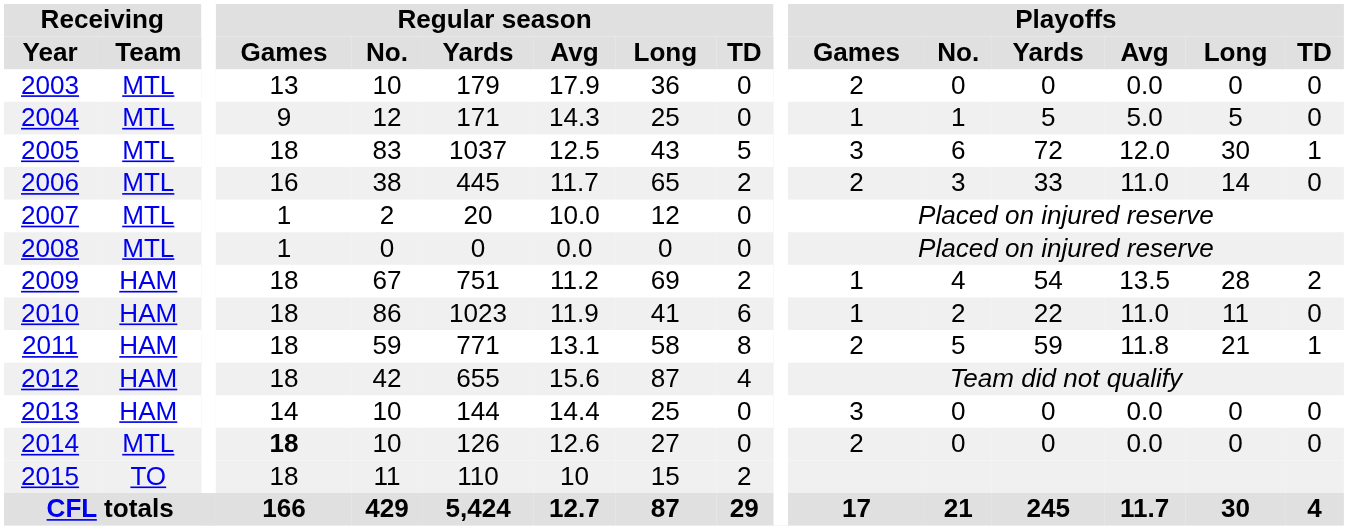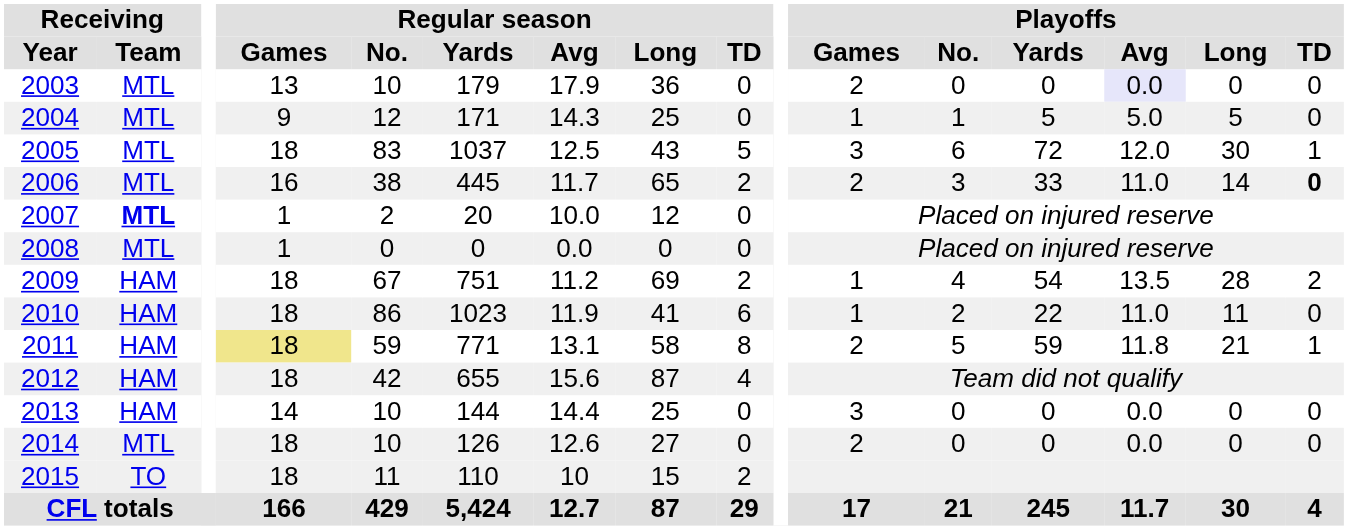 <table BORDER="0" CELLPADDING="1" CELLSPACING="0" width="65%" style="text-align:center">
 <tr bgcolor="#e0e0e0">
 <th colspan="2">Receiving</th>
 <th rowspan="99" bgcolor="#ffffff"> </th>
 <th colspan="6">Regular season</th>
 <th rowspan="99" bgcolor="#ffffff"> </th>
 <th colspan="6">Playoffs</th>
 </tr>
 <tr bgcolor="#e0e0e0">
 <th>Year</th>
 <th>Team</th>
 <th>Games</th>
 <th>No.</th>
 <th>Yards</th>
 <th>Avg</th>
 <th>Long</th>
 <th>TD</th>
 <th>Games</th>
 <th>No.</th>
 <th>Yards</th>
 <th>Avg</th>
 <th>Long</th>
 <th>TD</th>
 </tr>
 <tr ALIGN="center">
 <td><a href='#'>2003</a></td>
 <td><a href='#'>MTL</a></td>
 <td>13</td>
 <td>10</td>
 <td>179</td>
 <td>17.9</td>
 <td>36</td>
 <td>0</td>
 <td>2</td>
 <td>0</td>
 <td>0</td>
-<td>0.0</td>
+<td style="background: lavender;">0.0</td>
 <td>0</td>
 <td>0</td>
 </tr>
 <tr ALIGN="center" bgcolor="#f0f0f0">
 <td><a href='#'>2004</a></td>
 <td><a href='#'>MTL</a></td>
 <td>9</td>
 <td>12</td>
 <td>171</td>
 <td>14.3</td>
 <td>25</td>
 <td>0</td>
 <td>1</td>
 <td>1</td>
 <td>5</td>
 <td>5.0</td>
 <td>5</td>
 <td>0</td>
 </tr>
 <tr ALIGN="center">
 <td><a href='#'>2005</a></td>
 <td><a href='#'>MTL</a></td>
 <td>18</td>
 <td>83</td>
 <td>1037</td>
 <td>12.5</td>
 <td>43</td>
 <td>5</td>
 <td>3</td>
 <td>6</td>
 <td>72</td>
 <td>12.0</td>
 <td>30</td>
 <td>1</td>
 </tr>
 <tr ALIGN="center" bgcolor="#f0f0f0">
 <td><a href='#'>2006</a></td>
 <td><a href='#'>MTL</a></td>
 <td>16</td>
 <td>38</td>
 <td>445</td>
 <td>11.7</td>
 <td>65</td>
 <td>2</td>
 <td>2</td>
 <td>3</td>
 <td>33</td>
 <td>11.0</td>
 <td>14</td>
-<td>0</td>
+<td><strong>0</strong></td>
 </tr>
 <tr ALIGN="center">
 <td><a href='#'>2007</a></td>
-<td><a href='#'>MTL</a></td>
+<td><strong><a href='#'>MTL</a></strong></td>
 <td>1</td>
 <td>2</td>
 <td>20</td>
 <td>10.0</td>
 <td>12</td>
 <td>0</td>
 <td colspan="6"><em>Placed on injured reserve</em></td>
 </tr>
 <tr ALIGN="center" bgcolor="#f0f0f0">
 <td><a href='#'>2008</a></td>
 <td><a href='#'>MTL</a></td>
 <td>1</td>
 <td>0</td>
 <td>0</td>
 <td>0.0</td>
 <td>0</td>
 <td>0</td>
 <td colspan="6"><em>Placed on injured reserve</em></td>
 </tr>
 <tr ALIGN="center">
 <td><a href='#'>2009</a></td>
 <td><a href='#'>HAM</a></td>
 <td>18</td>
 <td>67</td>
 <td>751</td>
 <td>11.2</td>
 <td>69</td>
 <td>2</td>
 <td>1</td>
 <td>4</td>
 <td>54</td>
 <td>13.5</td>
 <td>28</td>
 <td>2</td>
 </tr>
 <tr ALIGN="center" bgcolor="#f0f0f0">
 <td><a href='#'>2010</a></td>
 <td><a href='#'>HAM</a></td>
 <td>18</td>
 <td>86</td>
 <td>1023</td>
 <td>11.9</td>
 <td>41</td>
 <td>6</td>
 <td>1</td>
 <td>2</td>
 <td>22</td>
 <td>11.0</td>
 <td>11</td>
 <td>0</td>
 </tr>
 <tr ALIGN="center">
 <td><a href='#'>2011</a></td>
 <td><a href='#'>HAM</a></td>
-<td>18</td>
+<td style="background: khaki;">18</td>
 <td>59</td>
 <td>771</td>
 <td>13.1</td>
 <td>58</td>
 <td>8</td>
 <td>2</td>
 <td>5</td>
 <td>59</td>
 <td>11.8</td>
 <td>21</td>
 <td>1</td>
 </tr>
 <tr ALIGN="center" bgcolor="#f0f0f0">
 <td><a href='#'>2012</a></td>
 <td><a href='#'>HAM</a></td>
 <td>18</td>
 <td>42</td>
 <td>655</td>
 <td>15.6</td>
 <td>87</td>
 <td>4</td>
 <td colspan="6"><em>Team did not qualify</em></td>
 </tr>
 <tr ALIGN="center">
 <td><a href='#'>2013</a></td>
 <td><a href='#'>HAM</a></td>
 <td>14</td>
 <td>10</td>
 <td>144</td>
 <td>14.4</td>
 <td>25</td>
 <td>0</td>
 <td>3</td>
 <td>0</td>
 <td>0</td>
 <td>0.0</td>
 <td>0</td>
 <td>0</td>
 </tr>
 <tr ALIGN="center" bgcolor="#f0f0f0">
 <td><a href='#'>2014</a></td>
 <td><a href='#'>MTL</a></td>
-<td><strong>18</strong></td>
+<td>18</td>
 <td>10</td>
 <td>126</td>
 <td>12.6</td>
 <td>27</td>
 <td>0</td>
 <td>2</td>
 <td>0</td>
 <td>0</td>
 <td>0.0</td>
 <td>0</td>
 <td>0</td>
 </tr>
 <tr ALIGN="center" bgcolor="#f0f0f0">
 <td><a href='#'>2015</a></td>
 <td><a href='#'>TO</a></td>
 <td>18</td>
 <td>11</td>
 <td>110</td>
 <td>10</td>
 <td>15</td>
 <td>2</td>
 <td></td>
 <td></td>
 <td></td>
 <td></td>
 <td></td>
 <td></td>
 </tr>
 <tr bgcolor="#e0e0e0">
 <th colspan="3"><a href='#'>CFL</a> totals</th>
 <th>166</th>
 <th>429</th>
 <th>5,424</th>
 <th>12.7</th>
 <th>87</th>
 <th>29</th>
 <th>17</th>
 <th>21</th>
 <th>245</th>
 <th>11.7</th>
 <th>30</th>
 <th>4</th>
 </tr>
 </table>
